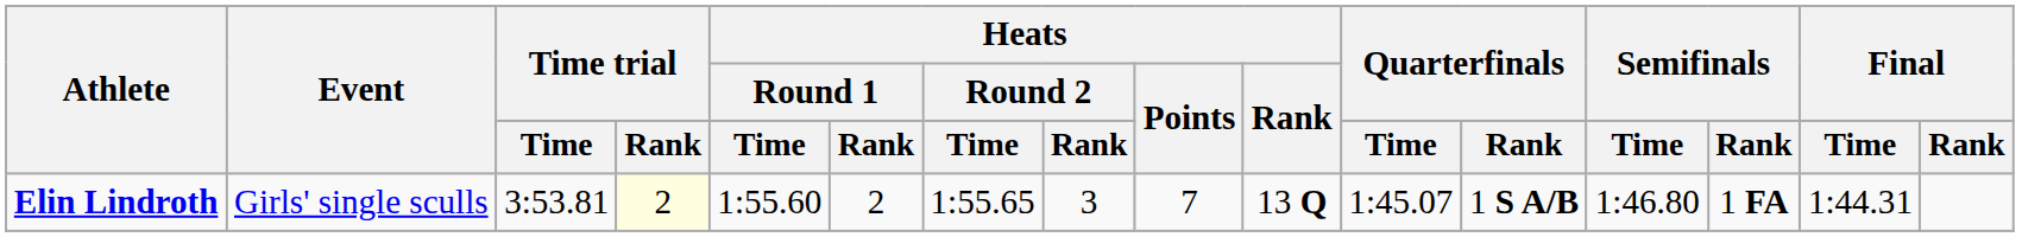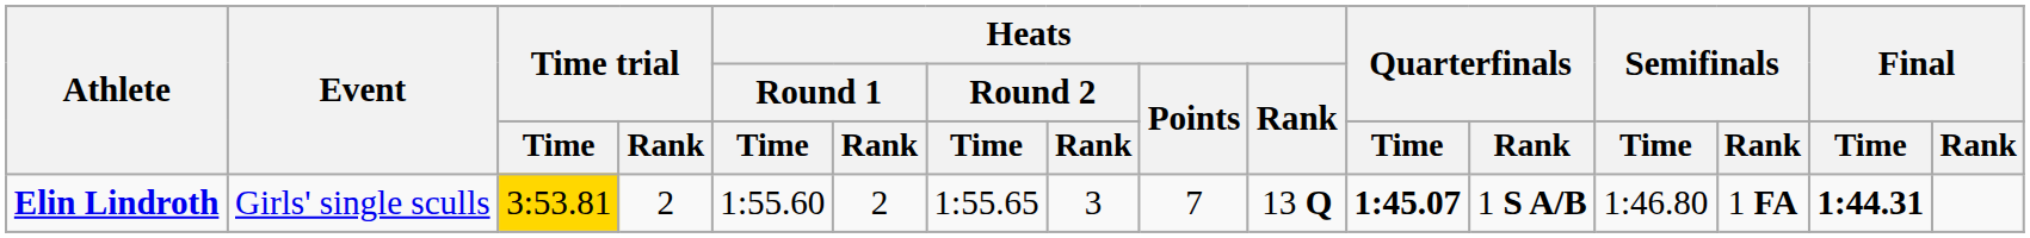 <table class="wikitable" style="font-size:90%">
 <tr>
 <th rowspan="3">Athlete</th>
 <th rowspan="3">Event</th>
 <th colspan="2" rowspan="2">Time trial</th>
 <th colspan="6">Heats</th>
 <th colspan="2" rowspan="2">Quarterfinals</th>
 <th colspan="2" rowspan="2">Semifinals</th>
 <th colspan="2" rowspan="2">Final</th>
 </tr>
 <tr>
 <th colspan="2">Round 1</th>
 <th colspan="2">Round 2</th>
 <th rowspan="2">Points</th>
 <th rowspan="2">Rank</th>
 </tr>
 <tr style="font-size:95%">
 <th>Time</th>
 <th>Rank</th>
 <th>Time</th>
 <th>Rank</th>
 <th>Time</th>
 <th>Rank</th>
 <th>Time</th>
 <th>Rank</th>
 <th>Time</th>
 <th>Rank</th>
 <th>Time</th>
 <th>Rank</th>
 </tr>
 <tr align=center>
 <td align=left><strong><a href='#'>Elin Lindroth</a></strong></td>
 <td align=left><a href='#'>Girls' single sculls</a></td>
-<td>3:53.81</td>
-<td style="background: lightyellow;">2</td>
+<td style="background: gold;">3:53.81</td>
+<td>2</td>
 <td>1:55.60</td>
 <td>2</td>
 <td>1:55.65</td>
 <td>3</td>
 <td>7</td>
 <td>13 <strong>Q</strong></td>
-<td>1:45.07</td>
+<td><strong>1:45.07</strong></td>
 <td>1 <strong>S A/B</strong></td>
 <td>1:46.80</td>
 <td>1 <strong>FA</strong></td>
-<td>1:44.31</td>
+<td><strong>1:44.31</strong></td>
 <td></td>
 </tr>
 </table>
